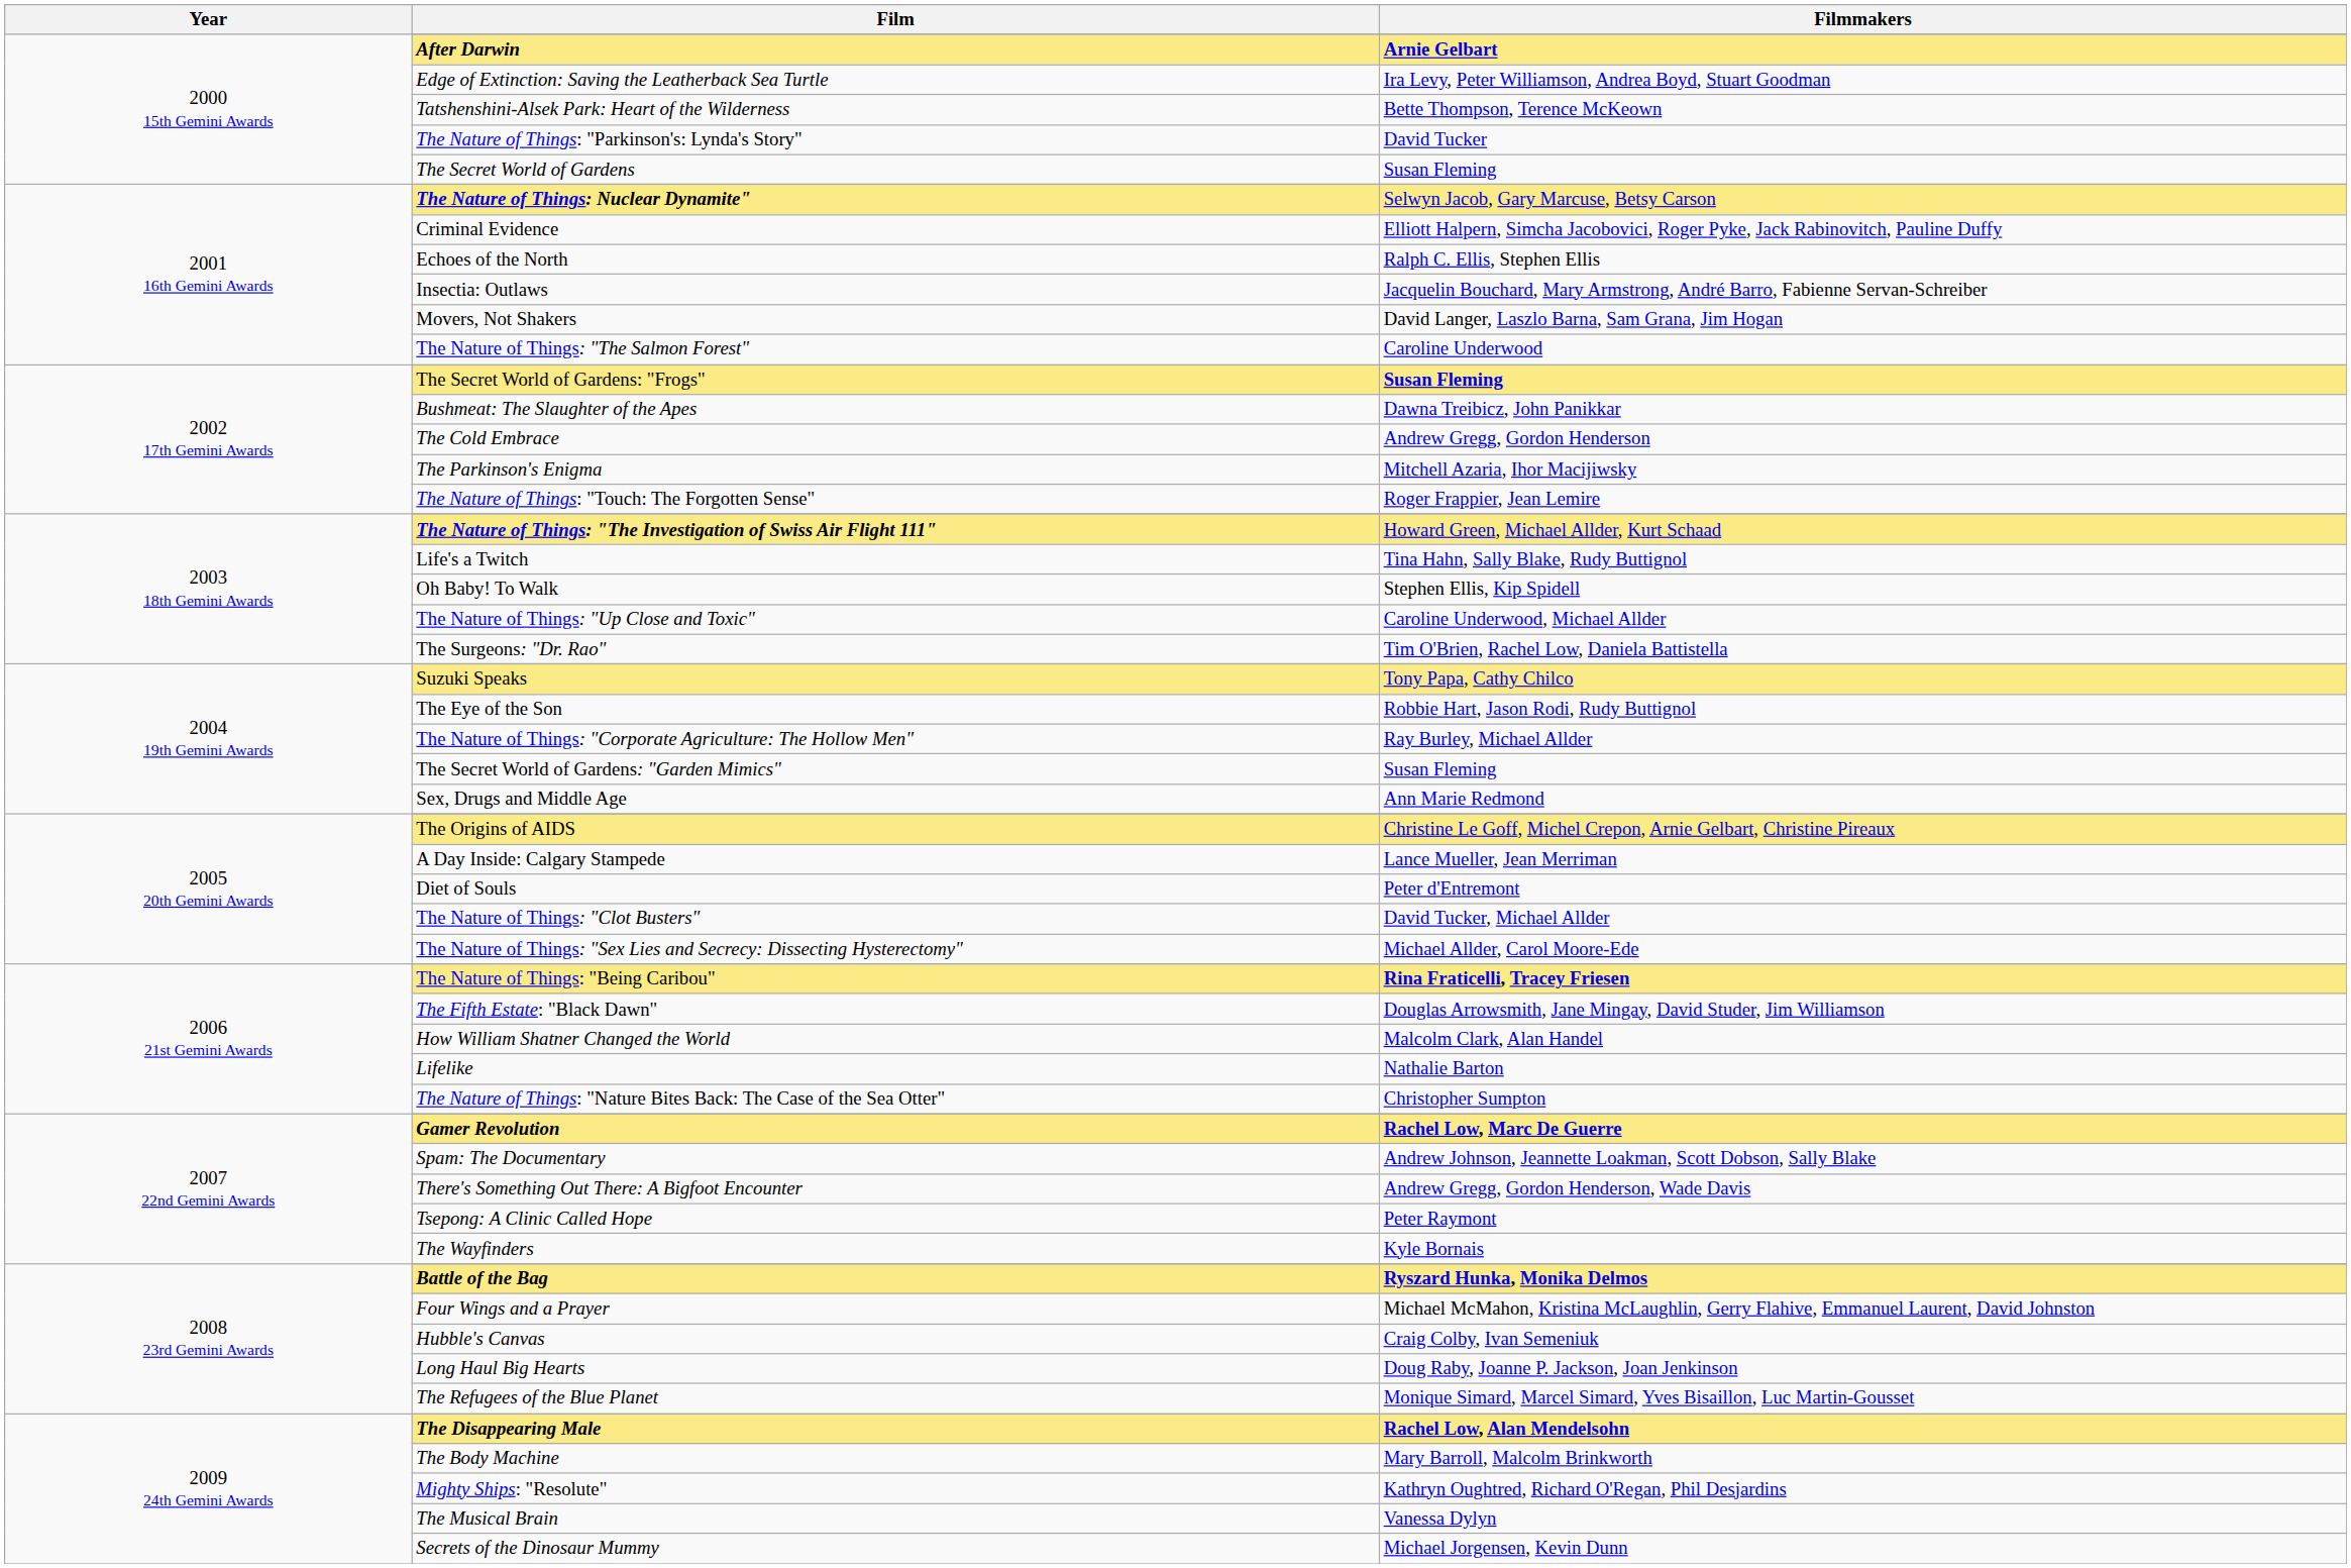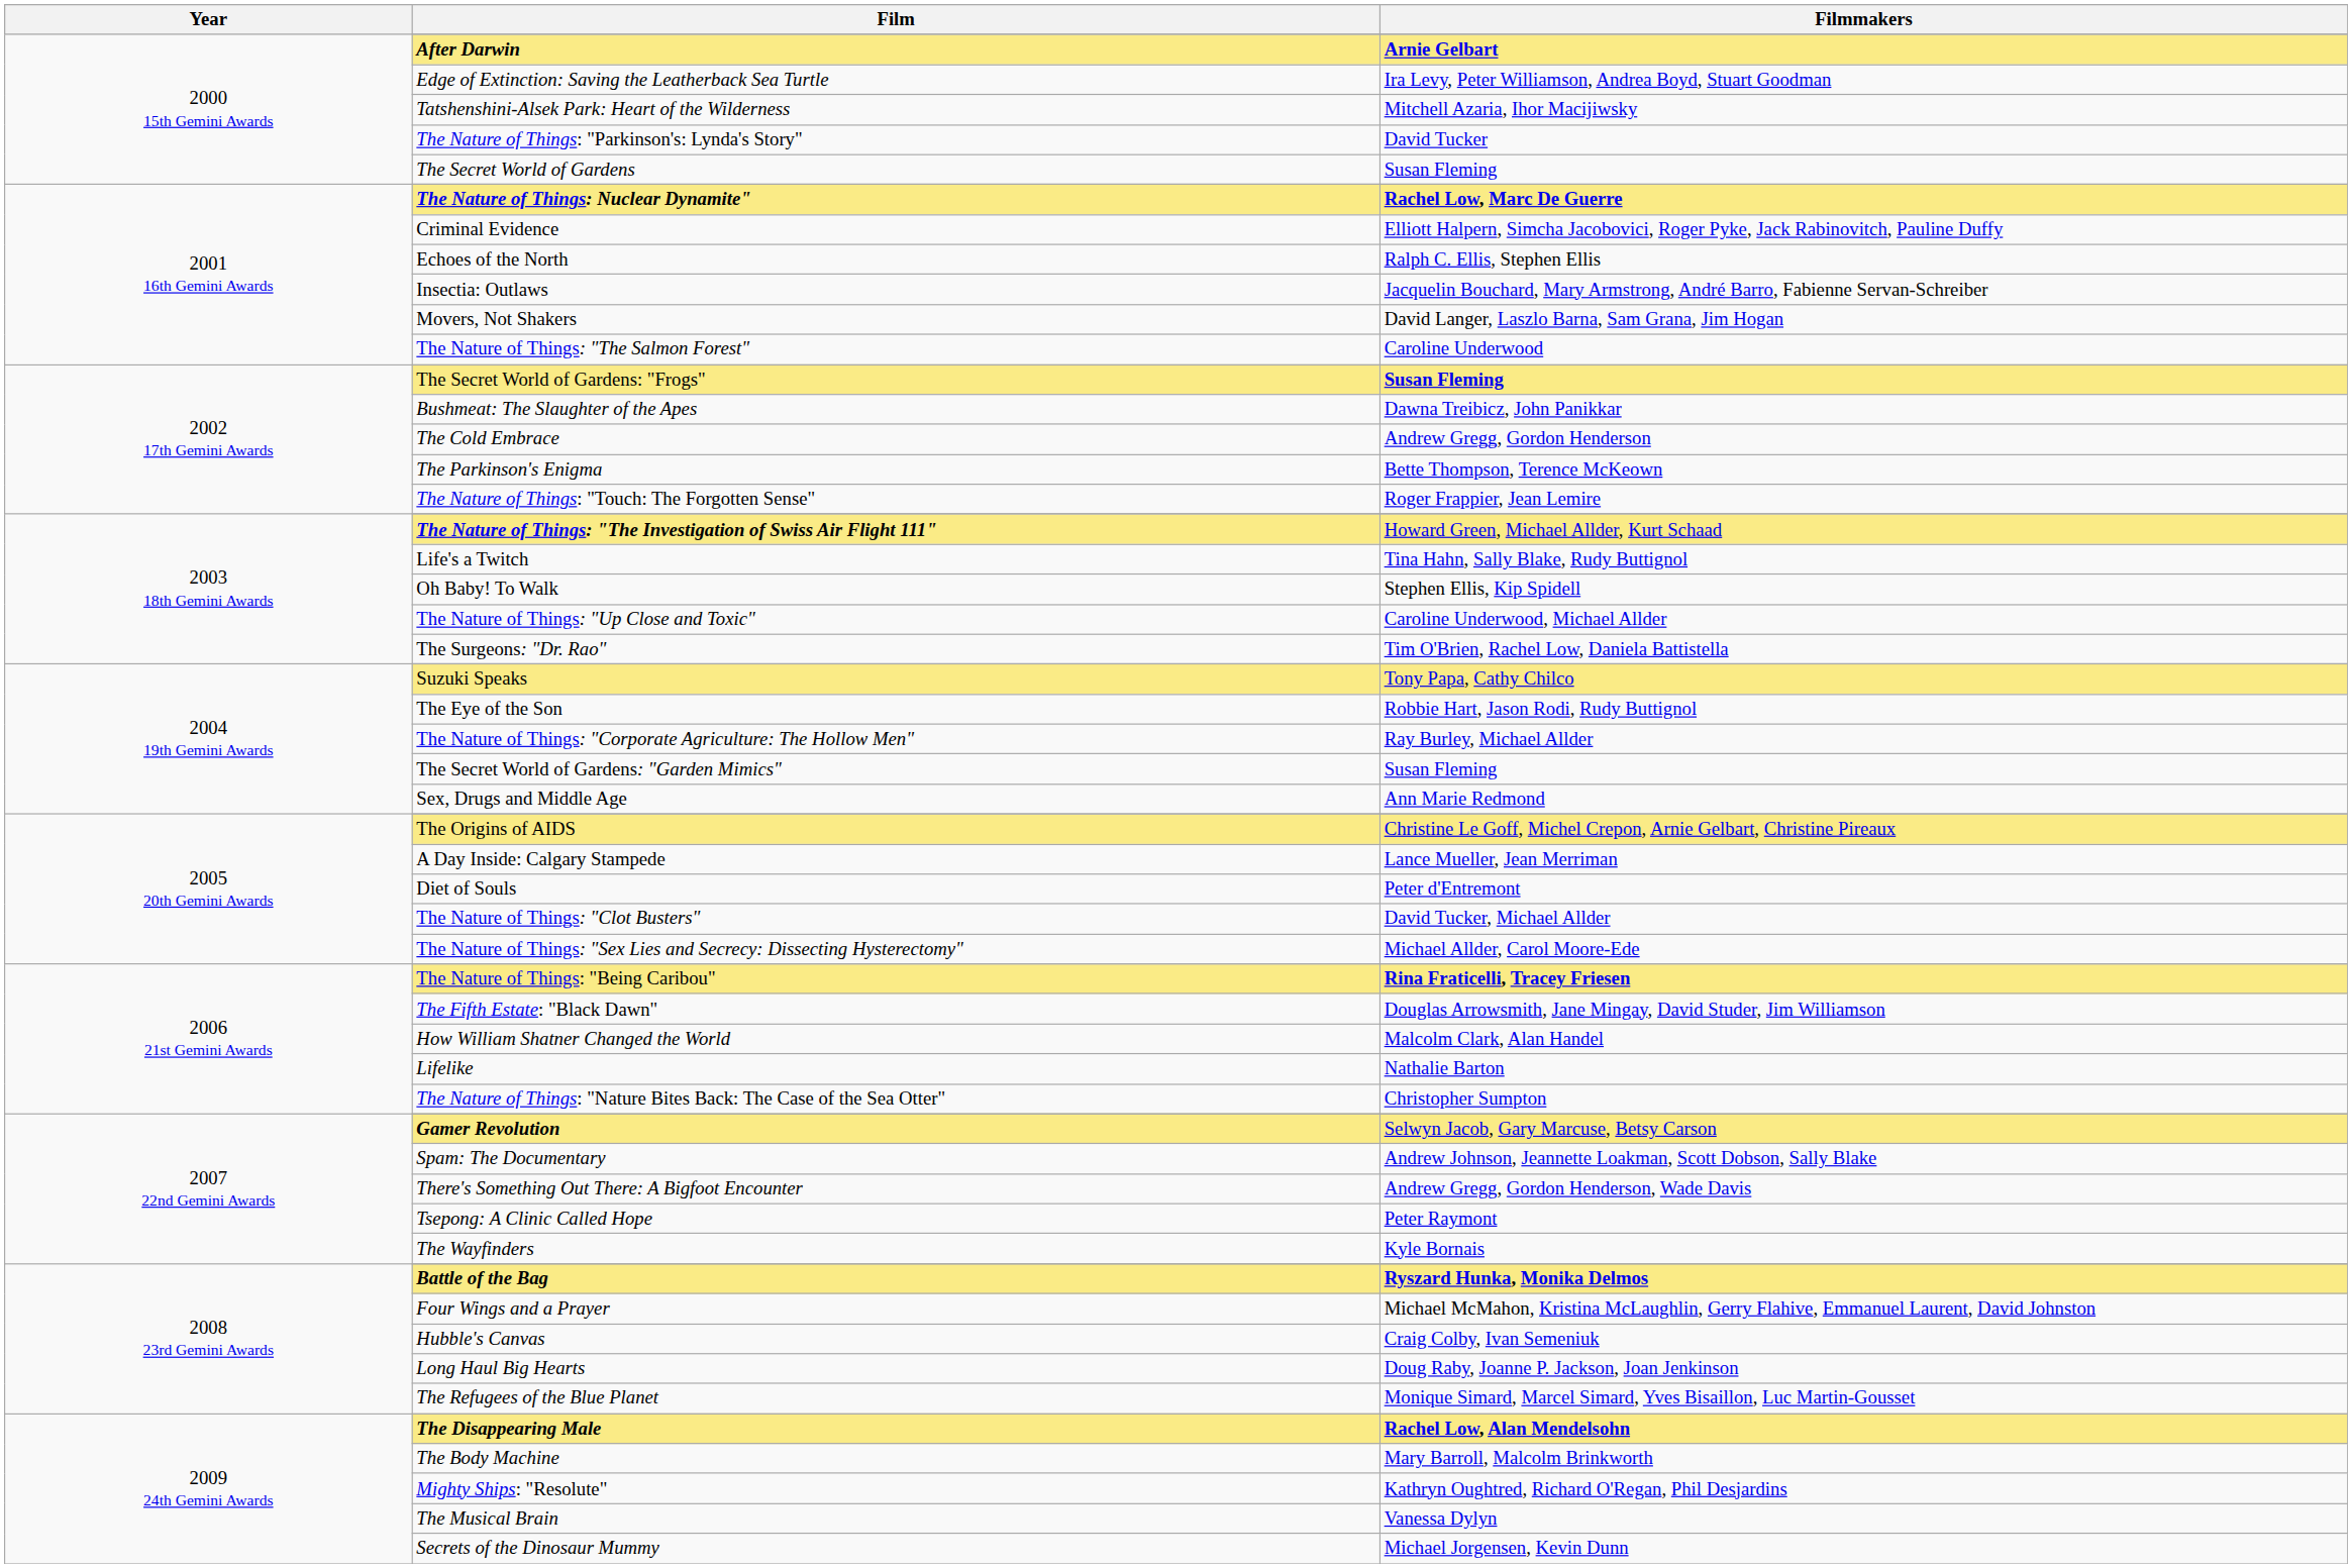 <table class="wikitable" style="width:100%;">
 <tr style="background:#bebebe;">
 <th style="width:8%;">Year</th>
 <th style="width:19%;">Film</th>
 <th style="width:19%;">Filmmakers</th>
 </tr>
 <tr>
 <td rowspan="6" align="center">2000 <br> <small><a href='#'>15th Gemini Awards</a></small></td>
 </tr>
 <tr style="background:#FAEB86;">
 <td><strong><em>After Darwin</em></strong></td>
 <td><strong><a href='#'>Arnie Gelbart</a></strong></td>
 </tr>
 <tr>
 <td><em>Edge of Extinction: Saving the Leatherback Sea Turtle</em></td>
 <td><a href='#'>Ira Levy</a>, <a href='#'>Peter Williamson</a>, <a href='#'>Andrea Boyd</a>, <a href='#'>Stuart Goodman</a></td>
 </tr>
 <tr>
 <td><em>Tatshenshini-Alsek Park: Heart of the Wilderness</em></td>
-<td><a href='#'>Bette Thompson</a>, <a href='#'>Terence McKeown</a></td>
+<td><a href='#'>Mitchell Azaria</a>, <a href='#'>Ihor Macijiwsky</a></td>
 </tr>
 <tr>
 <td><em><a href='#'>The Nature of Things</a></em>: "Parkinson's: Lynda's Story"</td>
 <td><a href='#'>David Tucker</a></td>
 </tr>
 <tr>
 <td><em>The Secret World of Gardens</em></td>
 <td><a href='#'>Susan Fleming</a></td>
 </tr>
 <tr>
 <td rowspan="7" align="center">2001 <br> <small><a href='#'>16th Gemini Awards</a></small></td>
 </tr>
 <tr style="background:#FAEB86;">
 <td><strong><em><a href='#'>The Nature of Things</a><em>: Nuclear Dynamite"<strong></td>
-<td></strong><a href='#'>Selwyn Jacob</a>, <a href='#'>Gary Marcuse</a>, <a href='#'>Betsy Carson</a><strong></td>
+<td><strong><a href='#'>Rachel Low</a>, <a href='#'>Marc De Guerre</a></strong></td>
 </tr>
 <tr>
 <td></em>Criminal Evidence<em></td>
 <td><a href='#'>Elliott Halpern</a>, <a href='#'>Simcha Jacobovici</a>, <a href='#'>Roger Pyke</a>, <a href='#'>Jack Rabinovitch</a>, <a href='#'>Pauline Duffy</a></td>
 </tr>
 <tr>
 <td></em>Echoes of the North<em></td>
 <td><a href='#'>Ralph C. Ellis</a>, Stephen Ellis</td>
 </tr>
 <tr>
 <td></em>Insectia: Outlaws<em></td>
 <td><a href='#'>Jacquelin Bouchard</a>, <a href='#'>Mary Armstrong</a>, <a href='#'>André Barro</a>, Fabienne Servan-Schreiber</td>
 </tr>
 <tr>
 <td></em>Movers, Not Shakers<em></td>
 <td>David Langer, <a href='#'>Laszlo Barna</a>, <a href='#'>Sam Grana</a>, <a href='#'>Jim Hogan</a></td>
 </tr>
 <tr>
 <td></em><a href='#'>The Nature of Things</a><em>: "The Salmon Forest"</td>
 <td><a href='#'>Caroline Underwood</a></td>
 </tr>
 <tr>
 <td rowspan="6" align="center">2002 <br> <small><a href='#'>17th Gemini Awards</a></small></td>
 </tr>
 <tr style="background:#FAEB86;">
 <td></em></strong>The Secret World of Gardens</em>: "Frogs"</strong></td>
 <td><strong><a href='#'>Susan Fleming</a></strong></td>
 </tr>
 <tr>
 <td><em>Bushmeat: The Slaughter of the Apes</em></td>
 <td><a href='#'>Dawna Treibicz</a>, <a href='#'>John Panikkar</a></td>
 </tr>
 <tr>
 <td><em>The Cold Embrace</em></td>
 <td><a href='#'>Andrew Gregg</a>, <a href='#'>Gordon Henderson</a></td>
 </tr>
 <tr>
 <td><em>The Parkinson's Enigma</em></td>
-<td><a href='#'>Mitchell Azaria</a>, <a href='#'>Ihor Macijiwsky</a></td>
+<td><a href='#'>Bette Thompson</a>, <a href='#'>Terence McKeown</a></td>
 </tr>
 <tr>
 <td><em><a href='#'>The Nature of Things</a></em>: "Touch: The Forgotten Sense"</td>
 <td><a href='#'>Roger Frappier</a>, <a href='#'>Jean Lemire</a></td>
 </tr>
 <tr>
 <td rowspan="6" align="center">2003 <br> <small><a href='#'>18th Gemini Awards</a></small></td>
 </tr>
 <tr style="background:#FAEB86;">
 <td><strong><em><a href='#'>The Nature of Things</a><em>: "The Investigation of Swiss Air Flight 111"<strong></td>
 <td></strong><a href='#'>Howard Green</a>, <a href='#'>Michael Allder</a>, <a href='#'>Kurt Schaad</a><strong></td>
 </tr>
 <tr>
 <td></em>Life's a Twitch<em></td>
 <td><a href='#'>Tina Hahn</a>, <a href='#'>Sally Blake</a>, <a href='#'>Rudy Buttignol</a></td>
 </tr>
 <tr>
 <td></em>Oh Baby! To Walk<em></td>
 <td>Stephen Ellis, <a href='#'>Kip Spidell</a></td>
 </tr>
 <tr>
 <td></em><a href='#'>The Nature of Things</a><em>: "Up Close and Toxic"</td>
 <td><a href='#'>Caroline Underwood</a>, <a href='#'>Michael Allder</a></td>
 </tr>
 <tr>
 <td></em>The Surgeons<em>: "Dr. Rao"</td>
 <td><a href='#'>Tim O'Brien</a>, <a href='#'>Rachel Low</a>, <a href='#'>Daniela Battistella</a></td>
 </tr>
 <tr>
 <td rowspan="6" align="center">2004 <br> <small><a href='#'>19th Gemini Awards</a></small></td>
 </tr>
 <tr style="background:#FAEB86;">
 <td></em></strong>Suzuki Speaks<strong><em></td>
 <td></strong><a href='#'>Tony Papa</a>, <a href='#'>Cathy Chilco</a><strong></td>
 </tr>
 <tr>
 <td></em>The Eye of the Son<em></td>
 <td><a href='#'>Robbie Hart</a>, <a href='#'>Jason Rodi</a>, <a href='#'>Rudy Buttignol</a></td>
 </tr>
 <tr>
 <td></em><a href='#'>The Nature of Things</a><em>: "Corporate Agriculture: The Hollow Men"</td>
 <td><a href='#'>Ray Burley</a>, <a href='#'>Michael Allder</a></td>
 </tr>
 <tr>
 <td></em>The Secret World of Gardens<em>: "Garden Mimics"</td>
 <td><a href='#'>Susan Fleming</a></td>
 </tr>
 <tr>
 <td></em>Sex, Drugs and Middle Age<em></td>
 <td><a href='#'>Ann Marie Redmond</a></td>
 </tr>
 <tr>
 <td rowspan="6" align="center">2005 <br> <small><a href='#'>20th Gemini Awards</a></small></td>
 </tr>
 <tr style="background:#FAEB86;">
 <td></em></strong>The Origins of AIDS<strong><em></td>
 <td></strong><a href='#'>Christine Le Goff</a>, <a href='#'>Michel Crepon</a>, <a href='#'>Arnie Gelbart</a>, <a href='#'>Christine Pireaux</a><strong></td>
 </tr>
 <tr>
 <td></em>A Day Inside: Calgary Stampede<em></td>
 <td><a href='#'>Lance Mueller</a>, <a href='#'>Jean Merriman</a></td>
 </tr>
 <tr>
 <td></em>Diet of Souls<em></td>
 <td><a href='#'>Peter d'Entremont</a></td>
 </tr>
 <tr>
 <td></em><a href='#'>The Nature of Things</a><em>: "Clot Busters"</td>
 <td><a href='#'>David Tucker</a>, <a href='#'>Michael Allder</a></td>
 </tr>
 <tr>
 <td></em><a href='#'>The Nature of Things</a><em>: "Sex Lies and Secrecy: Dissecting Hysterectomy"</td>
 <td><a href='#'>Michael Allder</a>, <a href='#'>Carol Moore-Ede</a></td>
 </tr>
 <tr>
 <td rowspan="6" align="center">2006 <br> <small><a href='#'>21st Gemini Awards</a></small></td>
 </tr>
 <tr style="background:#FAEB86;">
 <td></em></strong><a href='#'>The Nature of Things</a></em>: "Being Caribou"</strong></td>
 <td><strong><a href='#'>Rina Fraticelli</a>, <a href='#'>Tracey Friesen</a></strong></td>
 </tr>
 <tr>
 <td><em><a href='#'>The Fifth Estate</a></em>: "Black Dawn"</td>
 <td><a href='#'>Douglas Arrowsmith</a>, <a href='#'>Jane Mingay</a>, <a href='#'>David Studer</a>, <a href='#'>Jim Williamson</a></td>
 </tr>
 <tr>
 <td><em>How William Shatner Changed the World</em></td>
 <td><a href='#'>Malcolm Clark</a>, <a href='#'>Alan Handel</a></td>
 </tr>
 <tr>
 <td><em>Lifelike</em></td>
 <td><a href='#'>Nathalie Barton</a></td>
 </tr>
 <tr>
 <td><em><a href='#'>The Nature of Things</a></em>: "Nature Bites Back: The Case of the Sea Otter"</td>
 <td><a href='#'>Christopher Sumpton</a></td>
 </tr>
 <tr>
 <td rowspan="6" align="center">2007 <br> <small><a href='#'>22nd Gemini Awards</a></small></td>
 </tr>
 <tr style="background:#FAEB86;">
 <td><strong><em>Gamer Revolution</em></strong></td>
-<td><strong><a href='#'>Rachel Low</a>, <a href='#'>Marc De Guerre</a></strong></td>
+<td></strong><a href='#'>Selwyn Jacob</a>, <a href='#'>Gary Marcuse</a>, <a href='#'>Betsy Carson</a><strong></td>
 </tr>
 <tr>
 <td><em>Spam: The Documentary</em></td>
 <td><a href='#'>Andrew Johnson</a>, <a href='#'>Jeannette Loakman</a>, <a href='#'>Scott Dobson</a>, <a href='#'>Sally Blake</a></td>
 </tr>
 <tr>
 <td><em>There's Something Out There: A Bigfoot Encounter</em></td>
 <td><a href='#'>Andrew Gregg</a>, <a href='#'>Gordon Henderson</a>, <a href='#'>Wade Davis</a></td>
 </tr>
 <tr>
 <td><em>Tsepong: A Clinic Called Hope</em></td>
 <td><a href='#'>Peter Raymont</a></td>
 </tr>
 <tr>
 <td><em>The Wayfinders</em></td>
 <td><a href='#'>Kyle Bornais</a></td>
 </tr>
 <tr>
 <td rowspan="6" align="center">2008 <br> <small><a href='#'>23rd Gemini Awards</a></small></td>
 </tr>
 <tr style="background:#FAEB86;">
 <td><strong><em>Battle of the Bag</em></strong></td>
 <td><strong><a href='#'>Ryszard Hunka</a>, <a href='#'>Monika Delmos</a></strong></td>
 </tr>
 <tr>
 <td><em>Four Wings and a Prayer</em></td>
 <td>Michael McMahon, <a href='#'>Kristina McLaughlin</a>, <a href='#'>Gerry Flahive</a>, <a href='#'>Emmanuel Laurent</a>, <a href='#'>David Johnston</a></td>
 </tr>
 <tr>
 <td><em>Hubble's Canvas</em></td>
 <td><a href='#'>Craig Colby</a>, <a href='#'>Ivan Semeniuk</a></td>
 </tr>
 <tr>
 <td><em>Long Haul Big Hearts</em></td>
 <td><a href='#'>Doug Raby</a>, <a href='#'>Joanne P. Jackson</a>, <a href='#'>Joan Jenkinson</a></td>
 </tr>
 <tr>
 <td><em>The Refugees of the Blue Planet</em></td>
 <td><a href='#'>Monique Simard</a>, <a href='#'>Marcel Simard</a>, <a href='#'>Yves Bisaillon</a>, <a href='#'>Luc Martin-Gousset</a></td>
 </tr>
 <tr>
 <td rowspan="6" align="center">2009 <br> <small><a href='#'>24th Gemini Awards</a></small></td>
 </tr>
 <tr style="background:#FAEB86;">
 <td><strong><em>The Disappearing Male</em></strong></td>
 <td><strong><a href='#'>Rachel Low</a>, <a href='#'>Alan Mendelsohn</a></strong></td>
 </tr>
 <tr>
 <td><em>The Body Machine</em></td>
 <td><a href='#'>Mary Barroll</a>, <a href='#'>Malcolm Brinkworth</a></td>
 </tr>
 <tr>
 <td><em><a href='#'>Mighty Ships</a></em>: "Resolute"</td>
 <td><a href='#'>Kathryn Oughtred</a>, <a href='#'>Richard O'Regan</a>, <a href='#'>Phil Desjardins</a></td>
 </tr>
 <tr>
 <td><em>The Musical Brain</em></td>
 <td><a href='#'>Vanessa Dylyn</a></td>
 </tr>
 <tr>
 <td><em>Secrets of the Dinosaur Mummy</em></td>
 <td><a href='#'>Michael Jorgensen</a>, <a href='#'>Kevin Dunn</a></td>
 </tr>
 </table>
